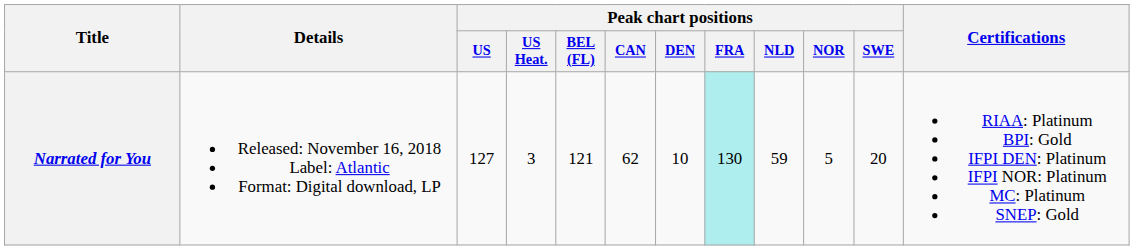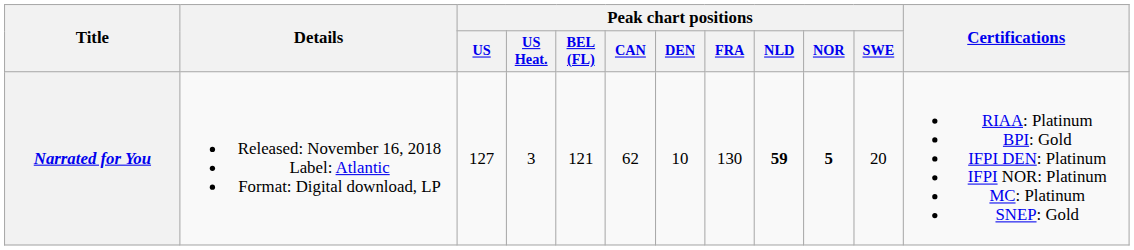 <table class="wikitable plainrowheaders" style="text-align:center">
 <tr>
 <th scope="col" rowspan="2" style="width:10em;">Title</th>
 <th scope="col" rowspan="2" style="width:16em;">Details</th>
 <th scope="col" colspan="9">Peak chart positions</th>
 <th scope="col" rowspan="2" style="width:13em;"><a href='#'>Certifications</a></th>
 </tr>
 <tr>
 <th scope="col" style="width:3em;font-size:85%;"><a href='#'>US</a><br></th>
 <th scope="col" style="width:3em;font-size:85%;"><a href='#'>US<br>Heat.</a><br></th>
 <th scope="col" style="width:3em;font-size:85%;"><a href='#'>BEL<br>(FL)</a><br></th>
 <th scope="col" style="width:3em;font-size:85%;"><a href='#'>CAN</a><br></th>
 <th scope="col" style="width:3em;font-size:85%;"><a href='#'>DEN</a><br></th>
 <th scope="col" style="width:3em;font-size:85%;"><a href='#'>FRA</a><br></th>
 <th scope="col" style="width:3em;font-size:85%;"><a href='#'>NLD</a><br></th>
 <th scope="col" style="width:3em;font-size:85%;"><a href='#'>NOR</a><br></th>
 <th scope="col" style="width:3em;font-size:85%;"><a href='#'>SWE</a><br></th>
 </tr>
 <tr>
 <th scope="row"><em><a href='#'>Narrated for You</a></em></th>
 <td><br><ul><li>Released: November 16, 2018</li><li>Label: <a href='#'>Atlantic</a></li><li>Format: Digital download, LP</li></ul></td>
 <td>127</td>
 <td>3</td>
 <td>121</td>
 <td>62</td>
 <td>10</td>
-<td style="background: paleturquoise;">130</td>
-<td>59</td>
-<td>5</td>
+<td>130</td>
+<td><strong>59</strong></td>
+<td><strong>5</strong></td>
 <td>20</td>
 <td><br><ul><li><a href='#'>RIAA</a>: Platinum</li><li><a href='#'>BPI</a>: Gold</li><li><a href='#'>IFPI DEN</a>: Platinum</li><li><a href='#'>IFPI</a> NOR: Platinum</li><li><a href='#'>MC</a>: Platinum</li><li><a href='#'>SNEP</a>: Gold</li></ul></td>
 </tr>
 </table>
